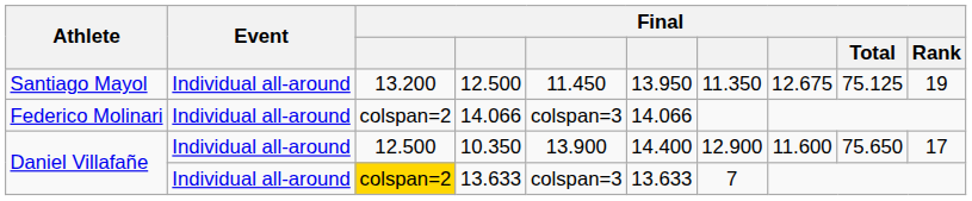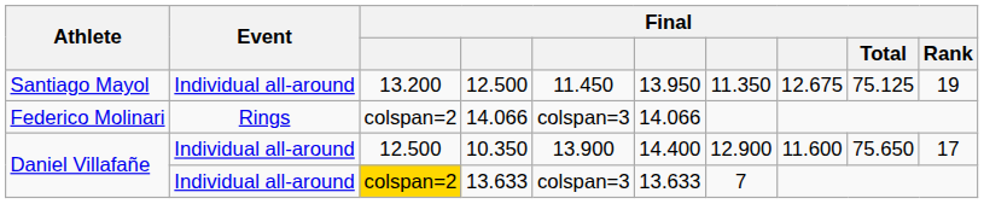 <table class="wikitable" style="font-size:90%">
 <tr>
 <th rowspan="2">Athlete</th>
 <th rowspan="2">Event</th>
 <th colspan = "8">Final</th>
 </tr>
 <tr>
 <th></th>
 <th></th>
 <th></th>
 <th></th>
 <th></th>
 <th></th>
 <th>Total</th>
 <th>Rank</th>
 </tr>
 <tr style="text-align:center">
 <td style="text-align:left"><a href='#'>Santiago Mayol</a></td>
 <td><a href='#'>Individual all-around</a></td>
 <td>13.200</td>
 <td>12.500</td>
 <td>11.450</td>
 <td>13.950</td>
 <td>11.350</td>
 <td>12.675</td>
 <td>75.125</td>
 <td>19</td>
 </tr>
 <tr style="text-align:center">
 <td style="text-align:left"><a href='#'>Federico Molinari</a></td>
-<td><a href='#'>Individual all-around</a></td>
+<td><a href='#'>Rings</a></td>
 <td>colspan=2 </td>
 <td>14.066</td>
 <td>colspan=3 </td>
 <td>14.066</td>
 <td></td>
 </tr>
 <tr style="text-align:center">
 <td style="text-align:left" rowspan=2><a href='#'>Daniel Villafañe</a></td>
 <td><a href='#'>Individual all-around</a></td>
 <td>12.500</td>
 <td>10.350</td>
 <td>13.900</td>
 <td>14.400</td>
 <td>12.900</td>
 <td>11.600</td>
 <td>75.650</td>
 <td>17</td>
 </tr>
 <tr style="text-align:center">
 <td><a href='#'>Individual all-around</a></td>
 <td style="background: gold;">colspan=2 </td>
 <td>13.633</td>
 <td>colspan=3 </td>
 <td>13.633</td>
 <td>7</td>
 </tr>
 </table>
